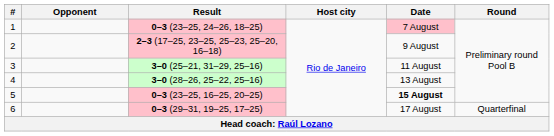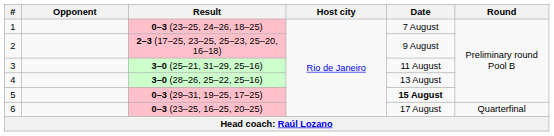 <table class="wikitable" style="text-align: center;font-size:90%;">
 <tr>
 <th width=20>#</th>
 <th width=160>Opponent</th>
 <th width=240>Result</th>
 <th width=150>Host city</th>
 <th width=100>Date</th>
 <th width=140>Round</th>
 </tr>
 <tr>
 <td>1</td>
 <td align=left></td>
 <td bgcolor=pink><strong>0–3</strong> (23–25, 24–26, 18–25)</td>
 <td rowspan=6> <a href='#'>Rio de Janeiro</a></td>
-<td style="background: pink;">7 August</td>
+<td>7 August</td>
 <td rowspan=5>Preliminary round<br>Pool B</td>
 </tr>
 <tr>
 <td>2</td>
 <td align=left></td>
 <td bgcolor=pink><strong>2–3</strong> (17–25, 23–25, 25–23, 25–20, 16–18)</td>
 <td>9 August</td>
 </tr>
 <tr>
 <td>3</td>
 <td align=left></td>
 <td bgcolor=ccffcc><strong>3–0</strong> (25–21, 31–29, 25–16)</td>
 <td>11 August</td>
 </tr>
 <tr>
 <td>4</td>
 <td align=left></td>
 <td bgcolor=ccffcc><strong>3–0</strong> (28–26, 25–22, 25–16)</td>
 <td>13 August</td>
 </tr>
 <tr>
 <td>5</td>
 <td align=left></td>
-<td bgcolor=pink><strong>0–3</strong> (23–25, 16–25, 20–25)</td>
+<td bgcolor=pink><strong>0–3</strong> (29–31, 19–25, 17–25)</td>
 <td><strong>15 August</strong></td>
 </tr>
 <tr>
 <td>6</td>
 <td align=left></td>
-<td bgcolor=pink><strong>0–3</strong> (29–31, 19–25, 17–25)</td>
+<td bgcolor=pink><strong>0–3</strong> (23–25, 16–25, 20–25)</td>
 <td>17 August</td>
 <td>Quarterfinal</td>
 </tr>
 <tr>
 <th colspan=6>Head coach:  <a href='#'>Raúl Lozano</a></th>
 </tr>
 </table>
